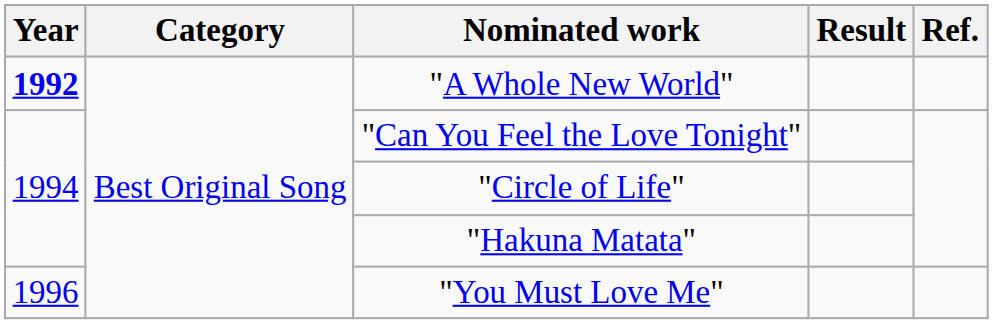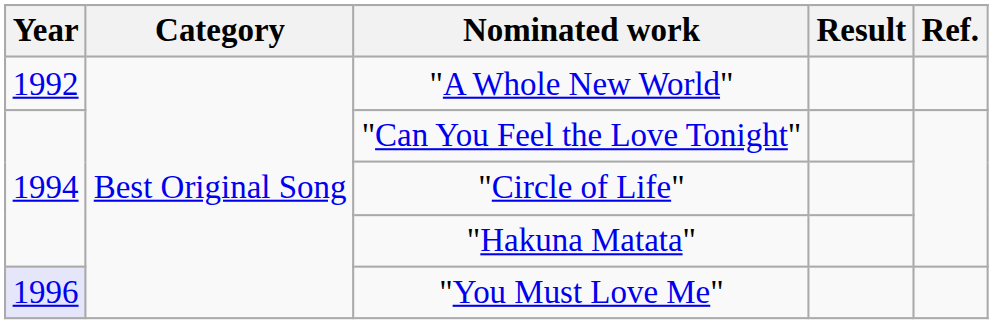 <table class="wikitable plainrowheaders" style="text-align:center;">
 <tr>
 <th>Year</th>
 <th>Category</th>
 <th>Nominated work</th>
 <th>Result</th>
 <th>Ref.</th>
 </tr>
 <tr>
-<td><strong><a href='#'>1992</a></strong></td>
+<td><a href='#'>1992</a></td>
 <td rowspan="5"><a href='#'>Best Original Song</a></td>
 <td>"<a href='#'>A Whole New World</a>" </td>
 <td></td>
 <td></td>
 </tr>
 <tr>
 <td rowspan="3"><a href='#'>1994</a></td>
 <td>"<a href='#'>Can You Feel the Love Tonight</a>" </td>
 <td></td>
 <td rowspan="3"></td>
 </tr>
 <tr>
 <td>"<a href='#'>Circle of Life</a>" </td>
 <td></td>
 </tr>
 <tr>
 <td>"<a href='#'>Hakuna Matata</a>" </td>
 <td></td>
 </tr>
 <tr>
-<td><a href='#'>1996</a></td>
+<td style="background: lavender;"><a href='#'>1996</a></td>
 <td>"<a href='#'>You Must Love Me</a>" </td>
 <td></td>
 <td></td>
 </tr>
 </table>
